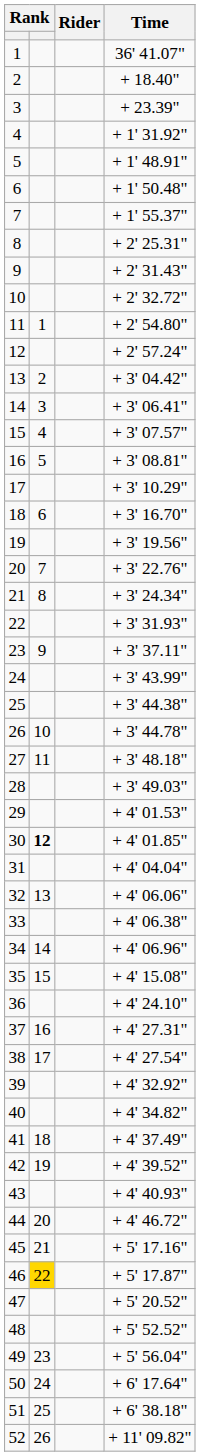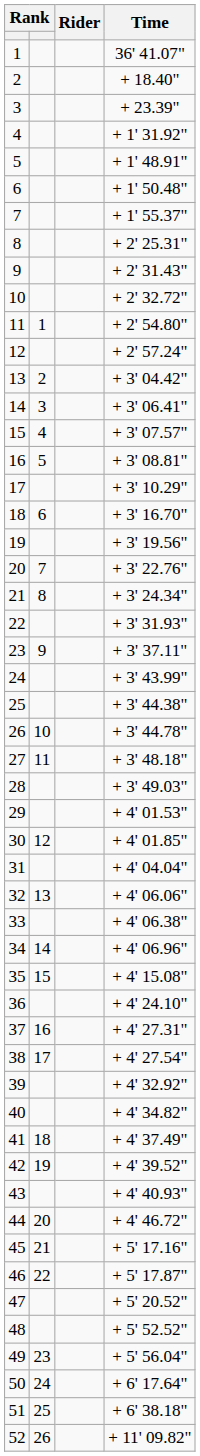 <table class="wikitable" style="text-align:center">
 <tr>
 <th colspan=2>Rank</th>
 <th rowspan=2>Rider</th>
 <th rowspan=2>Time</th>
 </tr>
 <tr>
 <th></th>
 <th></th>
 </tr>
 <tr>
 <td>1</td>
 <td></td>
 <td align=left></td>
 <td>36' 41.07"</td>
 </tr>
 <tr>
 <td>2</td>
 <td></td>
 <td align=left></td>
 <td>+ 18.40"</td>
 </tr>
 <tr>
 <td>3</td>
 <td></td>
 <td align=left></td>
 <td>+ 23.39"</td>
 </tr>
 <tr>
 <td>4</td>
 <td></td>
 <td align=left></td>
 <td>+ 1' 31.92"</td>
 </tr>
 <tr>
 <td>5</td>
 <td></td>
 <td align=left></td>
 <td>+ 1' 48.91"</td>
 </tr>
 <tr>
 <td>6</td>
 <td></td>
 <td align=left></td>
 <td>+ 1' 50.48"</td>
 </tr>
 <tr>
 <td>7</td>
 <td></td>
 <td align=left></td>
 <td>+ 1' 55.37"</td>
 </tr>
 <tr>
 <td>8</td>
 <td></td>
 <td align=left></td>
 <td>+ 2' 25.31"</td>
 </tr>
 <tr>
 <td>9</td>
 <td></td>
 <td align=left></td>
 <td>+ 2' 31.43"</td>
 </tr>
 <tr>
 <td>10</td>
 <td></td>
 <td align=left></td>
 <td>+ 2' 32.72"</td>
 </tr>
 <tr>
 <td>11</td>
 <td>1</td>
 <td align=left></td>
 <td>+ 2' 54.80"</td>
 </tr>
 <tr>
 <td>12</td>
 <td></td>
 <td align=left></td>
 <td>+ 2' 57.24"</td>
 </tr>
 <tr>
 <td>13</td>
 <td>2</td>
 <td align=left></td>
 <td>+ 3' 04.42"</td>
 </tr>
 <tr>
 <td>14</td>
 <td>3</td>
 <td align=left></td>
 <td>+ 3' 06.41"</td>
 </tr>
 <tr>
 <td>15</td>
 <td>4</td>
 <td align=left></td>
 <td>+ 3' 07.57"</td>
 </tr>
 <tr>
 <td>16</td>
 <td>5</td>
 <td align=left></td>
 <td>+ 3' 08.81"</td>
 </tr>
 <tr>
 <td>17</td>
 <td></td>
 <td align=left></td>
 <td>+ 3' 10.29"</td>
 </tr>
 <tr>
 <td>18</td>
 <td>6</td>
 <td align=left></td>
 <td>+ 3' 16.70"</td>
 </tr>
 <tr>
 <td>19</td>
 <td></td>
 <td align=left></td>
 <td>+ 3' 19.56"</td>
 </tr>
 <tr>
 <td>20</td>
 <td>7</td>
 <td align=left></td>
 <td>+ 3' 22.76"</td>
 </tr>
 <tr>
 <td>21</td>
 <td>8</td>
 <td align=left></td>
 <td>+ 3' 24.34"</td>
 </tr>
 <tr>
 <td>22</td>
 <td></td>
 <td align=left></td>
 <td>+ 3' 31.93"</td>
 </tr>
 <tr>
 <td>23</td>
 <td>9</td>
 <td align=left></td>
 <td>+ 3' 37.11"</td>
 </tr>
 <tr>
 <td>24</td>
 <td></td>
 <td align=left></td>
 <td>+ 3' 43.99"</td>
 </tr>
 <tr>
 <td>25</td>
 <td></td>
 <td align=left></td>
 <td>+ 3' 44.38"</td>
 </tr>
 <tr>
 <td>26</td>
 <td>10</td>
 <td align=left></td>
 <td>+ 3' 44.78"</td>
 </tr>
 <tr>
 <td>27</td>
 <td>11</td>
 <td align=left></td>
 <td>+ 3' 48.18"</td>
 </tr>
 <tr>
 <td>28</td>
 <td></td>
 <td align=left></td>
 <td>+ 3' 49.03"</td>
 </tr>
 <tr>
 <td>29</td>
 <td></td>
 <td align=left></td>
 <td>+ 4' 01.53"</td>
 </tr>
 <tr>
 <td>30</td>
-<td><strong>12</strong></td>
+<td>12</td>
 <td align=left></td>
 <td>+ 4' 01.85"</td>
 </tr>
 <tr>
 <td>31</td>
 <td></td>
 <td align=left></td>
 <td>+ 4' 04.04"</td>
 </tr>
 <tr>
 <td>32</td>
 <td>13</td>
 <td align=left></td>
 <td>+ 4' 06.06"</td>
 </tr>
 <tr>
 <td>33</td>
 <td></td>
 <td align=left></td>
 <td>+ 4' 06.38"</td>
 </tr>
 <tr>
 <td>34</td>
 <td>14</td>
 <td align=left></td>
 <td>+ 4' 06.96"</td>
 </tr>
 <tr>
 <td>35</td>
 <td>15</td>
 <td align=left></td>
 <td>+ 4' 15.08"</td>
 </tr>
 <tr>
 <td>36</td>
 <td></td>
 <td align=left></td>
 <td>+ 4' 24.10"</td>
 </tr>
 <tr>
 <td>37</td>
 <td>16</td>
 <td align=left></td>
 <td>+ 4' 27.31"</td>
 </tr>
 <tr>
 <td>38</td>
 <td>17</td>
 <td align=left></td>
 <td>+ 4' 27.54"</td>
 </tr>
 <tr>
 <td>39</td>
 <td></td>
 <td align=left></td>
 <td>+ 4' 32.92"</td>
 </tr>
 <tr>
 <td>40</td>
 <td></td>
 <td align=left></td>
 <td>+ 4' 34.82"</td>
 </tr>
 <tr>
 <td>41</td>
 <td>18</td>
 <td align=left></td>
 <td>+ 4' 37.49"</td>
 </tr>
 <tr>
 <td>42</td>
 <td>19</td>
 <td align=left></td>
 <td>+ 4' 39.52"</td>
 </tr>
 <tr>
 <td>43</td>
 <td></td>
 <td align=left></td>
 <td>+ 4' 40.93"</td>
 </tr>
 <tr>
 <td>44</td>
 <td>20</td>
 <td align=left></td>
 <td>+ 4' 46.72"</td>
 </tr>
 <tr>
 <td>45</td>
 <td>21</td>
 <td align=left></td>
 <td>+ 5' 17.16"</td>
 </tr>
 <tr>
 <td>46</td>
-<td style="background: gold;">22</td>
+<td>22</td>
 <td align=left></td>
 <td>+ 5' 17.87"</td>
 </tr>
 <tr>
 <td>47</td>
 <td></td>
 <td align=left></td>
 <td>+ 5' 20.52"</td>
 </tr>
 <tr>
 <td>48</td>
 <td></td>
 <td align=left></td>
 <td>+ 5' 52.52"</td>
 </tr>
 <tr>
 <td>49</td>
 <td>23</td>
 <td align=left></td>
 <td>+ 5' 56.04"</td>
 </tr>
 <tr>
 <td>50</td>
 <td>24</td>
 <td align=left></td>
 <td>+ 6' 17.64"</td>
 </tr>
 <tr>
 <td>51</td>
 <td>25</td>
 <td align=left></td>
 <td>+ 6' 38.18"</td>
 </tr>
 <tr>
 <td>52</td>
 <td>26</td>
 <td align=left></td>
 <td>+ 11' 09.82"</td>
 </tr>
 </table>
